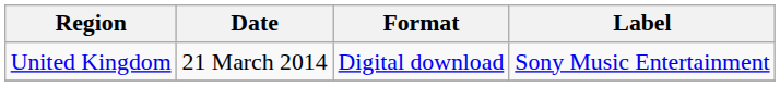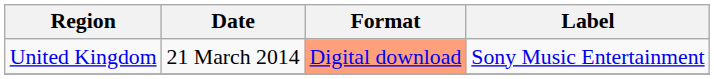 <table class=wikitable>
 <tr>
 <th>Region</th>
 <th>Date</th>
 <th>Format</th>
 <th>Label</th>
 </tr>
 <tr>
 <td><a href='#'>United Kingdom</a></td>
 <td>21 March 2014</td>
-<td><a href='#'>Digital download</a></td>
+<td style="background: lightsalmon;"><a href='#'>Digital download</a></td>
 <td><a href='#'>Sony Music Entertainment</a></td>
 </tr>
 <tr>
 </tr>
 </table>
